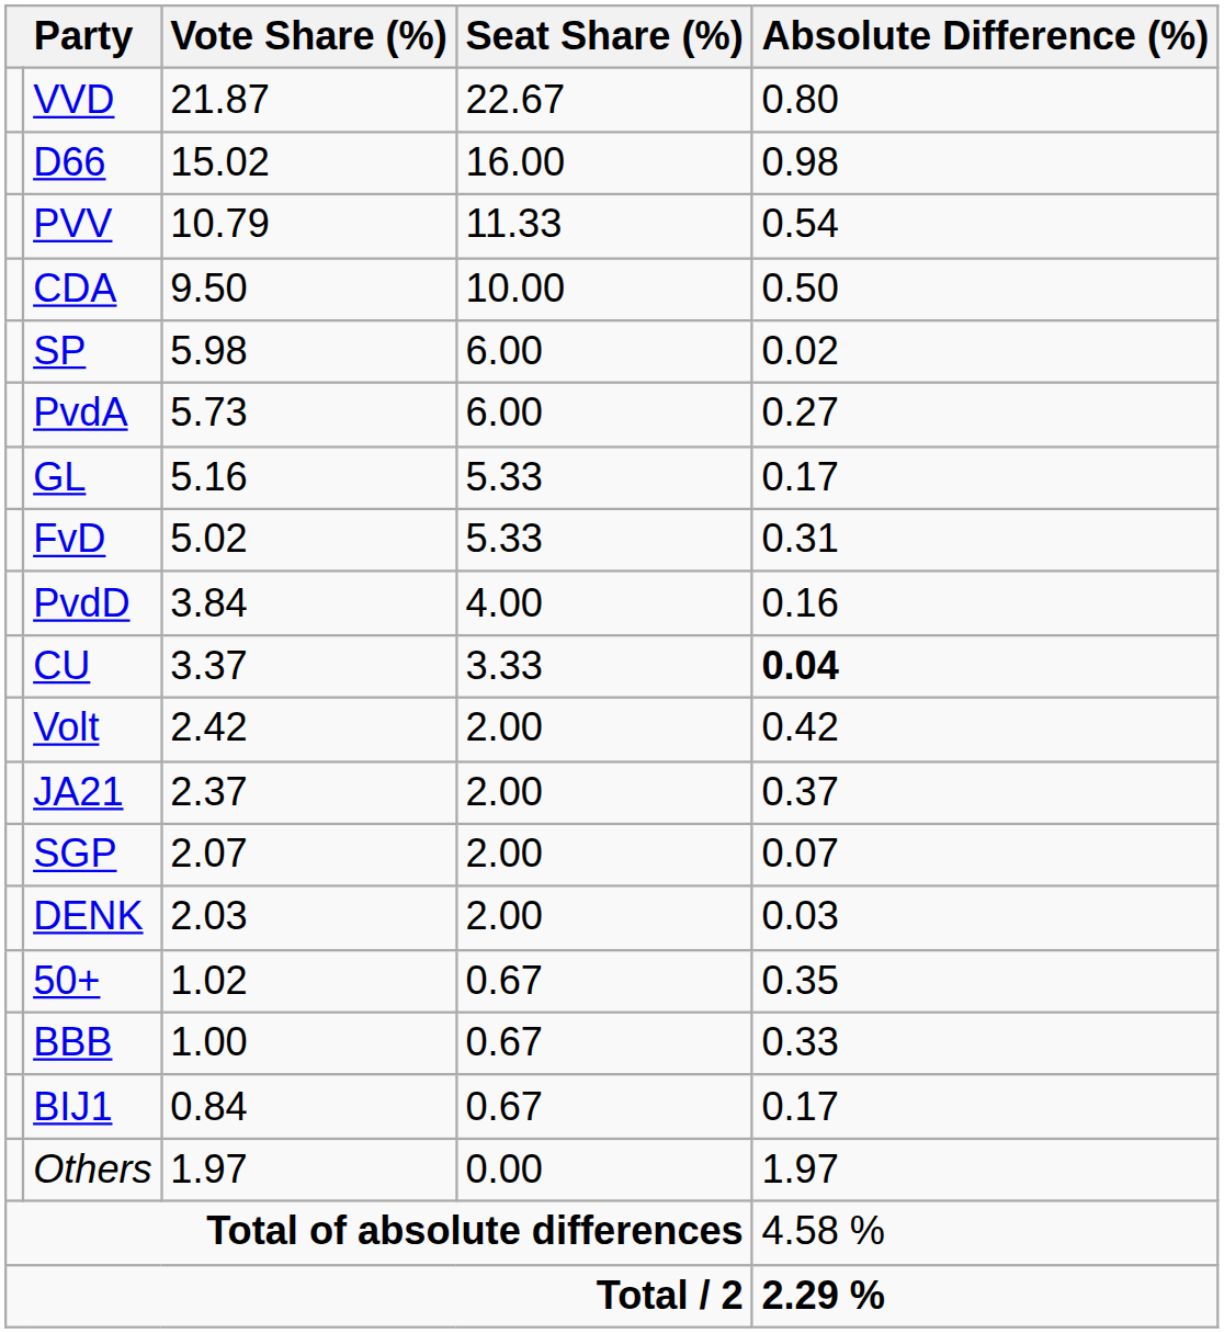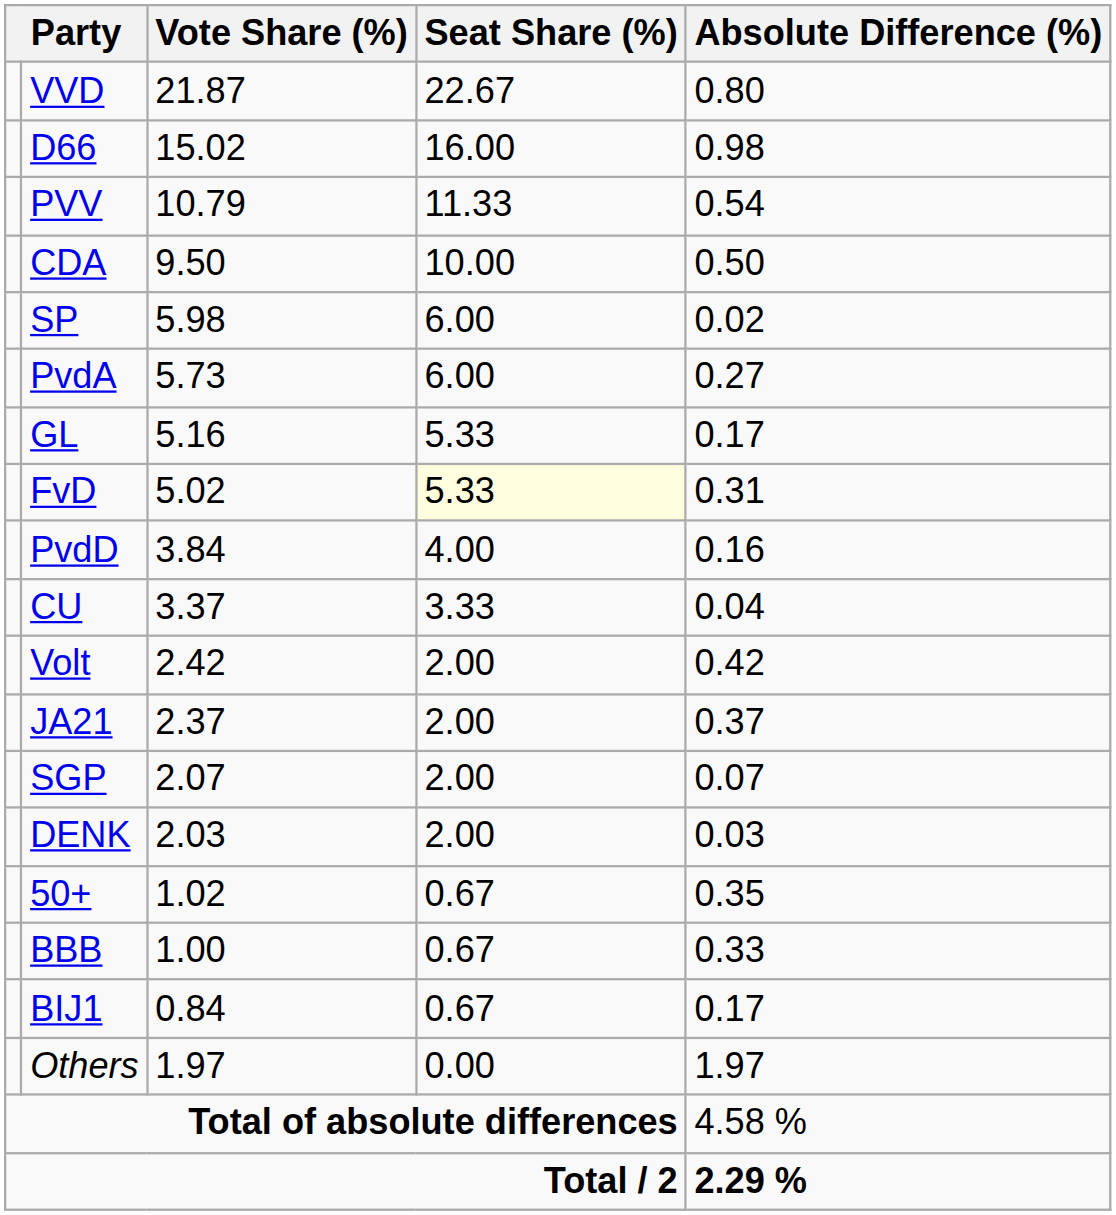 <table class="wikitable">
 <tr>
 <th colspan="2">Party</th>
 <th>Vote Share (%)</th>
 <th>Seat Share (%)</th>
 <th>Absolute Difference (%)</th>
 </tr>
 <tr>
 <td style="background:"></td>
 <td><a href='#'>VVD</a></td>
 <td>21.87</td>
 <td>22.67</td>
 <td>0.80</td>
 </tr>
 <tr>
 <td style="background:"></td>
 <td><a href='#'>D66</a></td>
 <td>15.02</td>
 <td>16.00</td>
 <td>0.98</td>
 </tr>
 <tr>
 <td style="background:"></td>
 <td><a href='#'>PVV</a></td>
 <td>10.79</td>
 <td>11.33</td>
 <td>0.54</td>
 </tr>
 <tr>
 <td style="background:"></td>
 <td><a href='#'>CDA</a></td>
 <td>9.50</td>
 <td>10.00</td>
 <td>0.50</td>
 </tr>
 <tr>
 <td style="background:"></td>
 <td><a href='#'>SP</a></td>
 <td>5.98</td>
 <td>6.00</td>
 <td>0.02</td>
 </tr>
 <tr>
 <td style="background:"></td>
 <td><a href='#'>PvdA</a></td>
 <td>5.73</td>
 <td>6.00</td>
 <td>0.27</td>
 </tr>
 <tr>
 <td style="background:"></td>
 <td><a href='#'>GL</a></td>
 <td>5.16</td>
 <td>5.33</td>
 <td>0.17</td>
 </tr>
 <tr>
 <td style="background:"></td>
 <td><a href='#'>FvD</a></td>
 <td>5.02</td>
-<td>5.33</td>
+<td style="background: lightyellow;">5.33</td>
 <td>0.31</td>
 </tr>
 <tr>
 <td style="background:"></td>
 <td><a href='#'>PvdD</a></td>
 <td>3.84</td>
 <td>4.00</td>
 <td>0.16</td>
 </tr>
 <tr>
 <td style="background:"></td>
 <td><a href='#'>CU</a></td>
 <td>3.37</td>
 <td>3.33</td>
-<td><strong>0.04</strong></td>
+<td>0.04</td>
 </tr>
 <tr>
 <td style="background:"></td>
 <td><a href='#'>Volt</a></td>
 <td>2.42</td>
 <td>2.00</td>
 <td>0.42</td>
 </tr>
 <tr>
 <td style="background:"></td>
 <td><a href='#'>JA21</a></td>
 <td>2.37</td>
 <td>2.00</td>
 <td>0.37</td>
 </tr>
 <tr>
 <td style="background:"></td>
 <td><a href='#'>SGP</a></td>
 <td>2.07</td>
 <td>2.00</td>
 <td>0.07</td>
 </tr>
 <tr>
 <td style="background:"></td>
 <td><a href='#'>DENK</a></td>
 <td>2.03</td>
 <td>2.00</td>
 <td>0.03</td>
 </tr>
 <tr>
 <td style="background:"></td>
 <td><a href='#'>50+</a></td>
 <td>1.02</td>
 <td>0.67</td>
 <td>0.35</td>
 </tr>
 <tr>
 <td style="background:"></td>
 <td><a href='#'>BBB</a></td>
 <td>1.00</td>
 <td>0.67</td>
 <td>0.33</td>
 </tr>
 <tr>
 <td style="background:"></td>
 <td><a href='#'>BIJ1</a></td>
 <td>0.84</td>
 <td>0.67</td>
 <td>0.17</td>
 </tr>
 <tr>
 <td style="background:"></td>
 <td><em>Others</em></td>
 <td>1.97</td>
 <td>0.00</td>
 <td>1.97</td>
 </tr>
 <tr>
 <td align="right" colspan="4"><strong>Total of absolute differences</strong></td>
 <td>4.58 %</td>
 </tr>
 <tr>
 <td align="right" colspan="4"><strong>Total / 2</strong></td>
 <td><strong>2.29 %</strong></td>
 </tr>
 </table>
